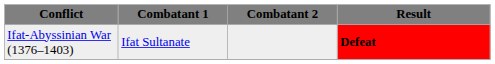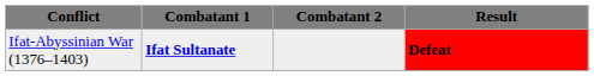 <table class="wikitable">
 <tr>
 <th style="background:grey" width="190"><span>Conflict</span></th>
 <th style="background:grey" width="175"><span>Combatant 1</span></th>
 <th style="background:grey" width="175"><span>Combatant 2</span></th>
 <th style="background:grey" width="305"><span>Result</span></th>
 </tr>
 <tr>
 <td style="background:#efefef"><a href='#'>Ifat-Abyssinian War</a><br>(1376–1403)</td>
-<td style="background:#efefef"> <a href='#'>Ifat Sultanate</a><br></td>
+<td style="background:#efefef"><strong> <a href='#'>Ifat Sultanate</a><br></strong></td>
 <td style="background:#efefef"><br></td>
 <td style="background:Red"><strong>Defeat</strong></td>
 </tr>
 <tr>
 </tr>
 </table>
